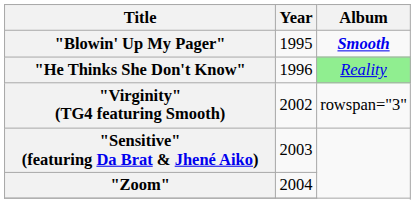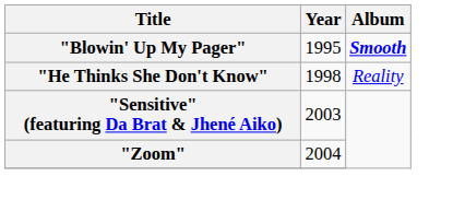 <table class="wikitable plainrowheaders" style="text-align:center;">
 <tr>
 <th scope="col" style="width:16em;">Title</th>
 <th scope="col">Year</th>
 <th scope="col">Album</th>
 </tr>
 <tr>
 <th scope="row">"Blowin' Up My Pager"</th>
 <td>1995</td>
 <td><strong><em><a href='#'>Smooth</a></em></strong></td>
 </tr>
 <tr>
 <th scope="row">"He Thinks She Don't Know"</th>
-<td>1996</td>
-<td style="background: lightgreen;"><em><a href='#'>Reality</a></em></td>
-</tr>
-<tr>
-<th scope="row">"Virginity"<br><span>(TG4 featuring Smooth)</span></th>
-<td>2002</td>
-<td>rowspan="3" </td>
+<td>1998</td>
+<td><em><a href='#'>Reality</a></em></td>
 </tr>
 <tr>
 <th scope="row">"Sensitive"<br><span>(featuring <a href='#'>Da Brat</a> & <a href='#'>Jhené Aiko</a>)</span></th>
 <td>2003</td>
 </tr>
 <tr>
 <th scope="row">"Zoom"</th>
 <td>2004</td>
 </tr>
 <tr>
 </tr>
 </table>
